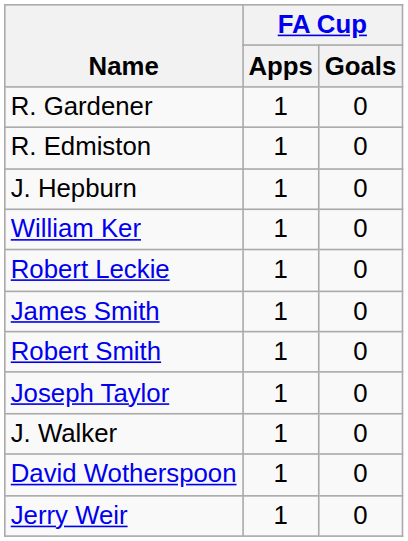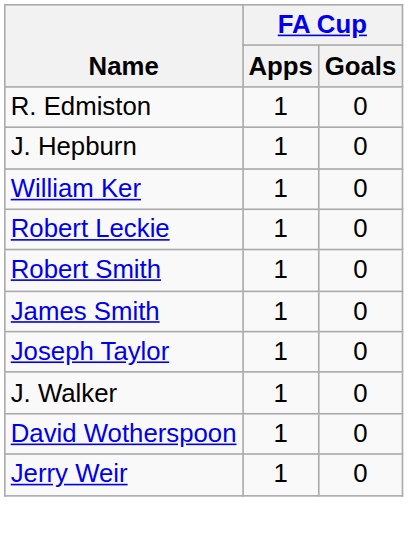 <table class="wikitable" style="text-align:center">
 <tr>
 <th rowspan="2" valign="bottom">Name</th>
 <th colspan="2"><a href='#'>FA Cup</a></th>
 </tr>
 <tr>
 <th>Apps</th>
 <th>Goals</th>
-</tr>
-<tr>
-<td align="left">R. Gardener</td>
-<td>1</td>
-<td>0</td>
 </tr>
 <tr>
 <td align="left">R. Edmiston</td>
 <td>1</td>
 <td>0</td>
 </tr>
 <tr>
 <td align="left">J. Hepburn</td>
 <td>1</td>
 <td>0</td>
 </tr>
 <tr>
 <td align="left"><a href='#'>William Ker</a></td>
 <td>1</td>
 <td>0</td>
 </tr>
 <tr>
 <td align="left"><a href='#'>Robert Leckie</a></td>
 <td>1</td>
 <td>0</td>
 </tr>
 <tr>
-<td align="left"><a href='#'>James Smith</a></td>
+<td align="left"><a href='#'>Robert Smith</a></td>
 <td>1</td>
 <td>0</td>
 </tr>
 <tr>
-<td align="left"><a href='#'>Robert Smith</a></td>
+<td align="left"><a href='#'>James Smith</a></td>
 <td>1</td>
 <td>0</td>
 </tr>
 <tr>
 <td align="left"><a href='#'>Joseph Taylor</a></td>
 <td>1</td>
 <td>0</td>
 </tr>
 <tr>
 <td align="left">J. Walker</td>
 <td>1</td>
 <td>0</td>
 </tr>
 <tr>
 <td align="left"><a href='#'>David Wotherspoon</a></td>
 <td>1</td>
 <td>0</td>
 </tr>
 <tr>
 <td align="left"><a href='#'>Jerry Weir</a></td>
 <td>1</td>
 <td>0</td>
 </tr>
 </table>
